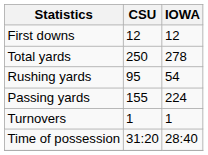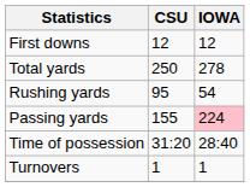 <table class="wikitable">
 <tr>
 <th>Statistics</th>
 <th>CSU</th>
 <th>IOWA</th>
 </tr>
 <tr>
 <td>First downs</td>
 <td>12</td>
 <td>12</td>
 </tr>
 <tr>
 <td>Total yards</td>
 <td>250</td>
 <td>278</td>
 </tr>
 <tr>
 <td>Rushing yards</td>
 <td>95</td>
 <td>54</td>
 </tr>
 <tr>
 <td>Passing yards</td>
 <td>155</td>
-<td>224</td>
+<td style="background: pink;">224</td>
+</tr>
+<tr>
+<td>Time of possession</td>
+<td>31:20</td>
+<td>28:40</td>
 </tr>
 <tr>
 <td>Turnovers</td>
 <td>1</td>
 <td>1</td>
 </tr>
 <tr>
-<td>Time of possession</td>
-<td>31:20</td>
-<td>28:40</td>
-</tr>
-<tr>
 </tr>
 </table>
